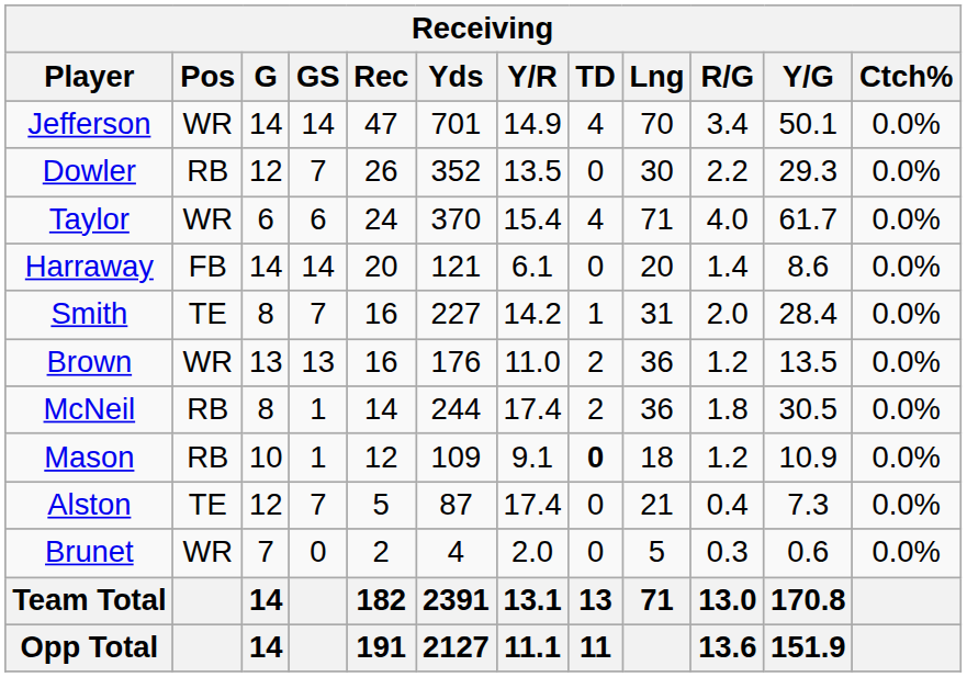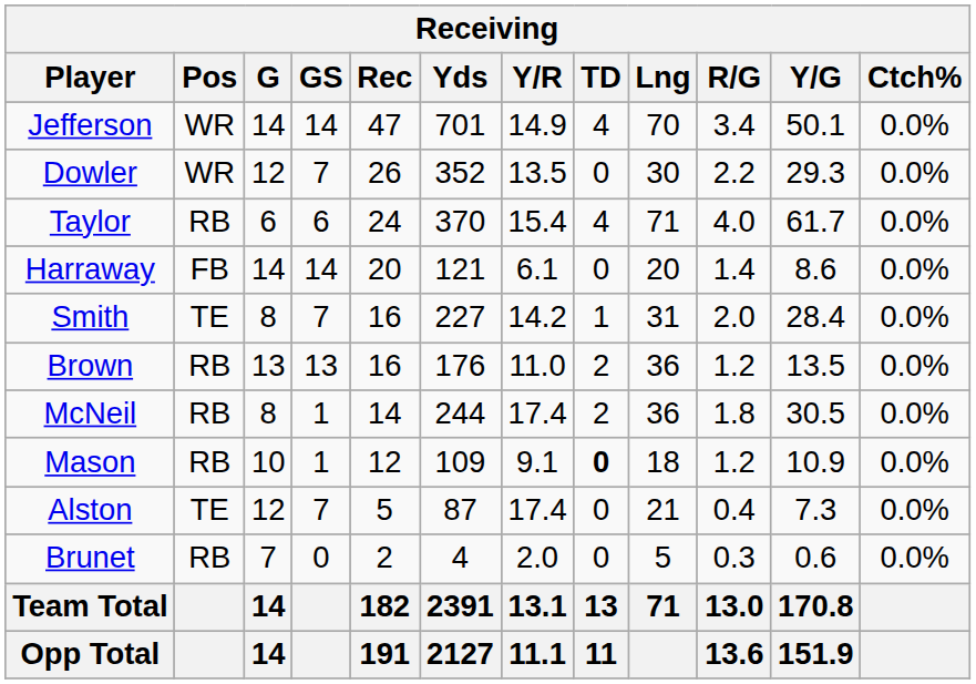 <table class="wikitable" style="text-align:center">
 <tr>
 <th colspan="12">Receiving</th>
 </tr>
 <tr>
 <th>Player</th>
 <th>Pos</th>
 <th>G</th>
 <th>GS</th>
 <th>Rec</th>
 <th>Yds</th>
 <th>Y/R</th>
 <th>TD</th>
 <th>Lng</th>
 <th>R/G</th>
 <th>Y/G</th>
 <th>Ctch%</th>
 </tr>
 <tr>
 <td><a href='#'>Jefferson</a></td>
 <td>WR</td>
 <td>14</td>
 <td>14</td>
 <td>47</td>
 <td>701</td>
 <td>14.9</td>
 <td>4</td>
 <td>70</td>
 <td>3.4</td>
 <td>50.1</td>
 <td>0.0%</td>
 </tr>
 <tr>
 <td><a href='#'>Dowler</a></td>
-<td>RB</td>
+<td>WR</td>
 <td>12</td>
 <td>7</td>
 <td>26</td>
 <td>352</td>
 <td>13.5</td>
 <td>0</td>
 <td>30</td>
 <td>2.2</td>
 <td>29.3</td>
 <td>0.0%</td>
 </tr>
 <tr>
 <td><a href='#'>Taylor</a></td>
-<td>WR</td>
+<td>RB</td>
 <td>6</td>
 <td>6</td>
 <td>24</td>
 <td>370</td>
 <td>15.4</td>
 <td>4</td>
 <td>71</td>
 <td>4.0</td>
 <td>61.7</td>
 <td>0.0%</td>
 </tr>
 <tr>
 <td><a href='#'>Harraway</a></td>
 <td>FB</td>
 <td>14</td>
 <td>14</td>
 <td>20</td>
 <td>121</td>
 <td>6.1</td>
 <td>0</td>
 <td>20</td>
 <td>1.4</td>
 <td>8.6</td>
 <td>0.0%</td>
 </tr>
 <tr>
 <td><a href='#'>Smith</a></td>
 <td>TE</td>
 <td>8</td>
 <td>7</td>
 <td>16</td>
 <td>227</td>
 <td>14.2</td>
 <td>1</td>
 <td>31</td>
 <td>2.0</td>
 <td>28.4</td>
 <td>0.0%</td>
 </tr>
 <tr>
 <td><a href='#'>Brown</a></td>
-<td>WR</td>
+<td>RB</td>
 <td>13</td>
 <td>13</td>
 <td>16</td>
 <td>176</td>
 <td>11.0</td>
 <td>2</td>
 <td>36</td>
 <td>1.2</td>
 <td>13.5</td>
 <td>0.0%</td>
 </tr>
 <tr>
 <td><a href='#'>McNeil</a></td>
 <td>RB</td>
 <td>8</td>
 <td>1</td>
 <td>14</td>
 <td>244</td>
 <td>17.4</td>
 <td>2</td>
 <td>36</td>
 <td>1.8</td>
 <td>30.5</td>
 <td>0.0%</td>
 </tr>
 <tr>
 <td><a href='#'>Mason</a></td>
 <td>RB</td>
 <td>10</td>
 <td>1</td>
 <td>12</td>
 <td>109</td>
 <td>9.1</td>
 <td><strong>0</strong></td>
 <td>18</td>
 <td>1.2</td>
 <td>10.9</td>
 <td>0.0%</td>
 </tr>
 <tr>
 <td><a href='#'>Alston</a></td>
 <td>TE</td>
 <td>12</td>
 <td>7</td>
 <td>5</td>
 <td>87</td>
 <td>17.4</td>
 <td>0</td>
 <td>21</td>
 <td>0.4</td>
 <td>7.3</td>
 <td>0.0%</td>
 </tr>
 <tr>
 <td><a href='#'>Brunet</a></td>
-<td>WR</td>
+<td>RB</td>
 <td>7</td>
 <td>0</td>
 <td>2</td>
 <td>4</td>
 <td>2.0</td>
 <td>0</td>
 <td>5</td>
 <td>0.3</td>
 <td>0.6</td>
 <td>0.0%</td>
 </tr>
 <tr>
 <th>Team Total</th>
 <th></th>
 <th>14</th>
 <th></th>
 <th>182</th>
 <th>2391</th>
 <th>13.1</th>
 <th>13</th>
 <th>71</th>
 <th>13.0</th>
 <th>170.8</th>
 <th></th>
 </tr>
 <tr>
 <th>Opp Total</th>
 <th></th>
 <th>14</th>
 <th></th>
 <th>191</th>
 <th>2127</th>
 <th>11.1</th>
 <th>11</th>
 <th></th>
 <th>13.6</th>
 <th>151.9</th>
 <th></th>
 </tr>
 </table>
